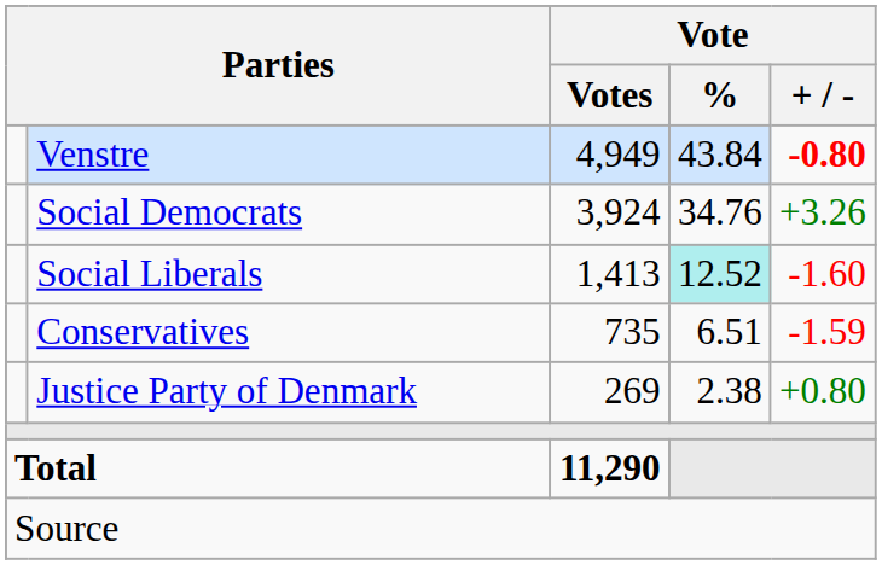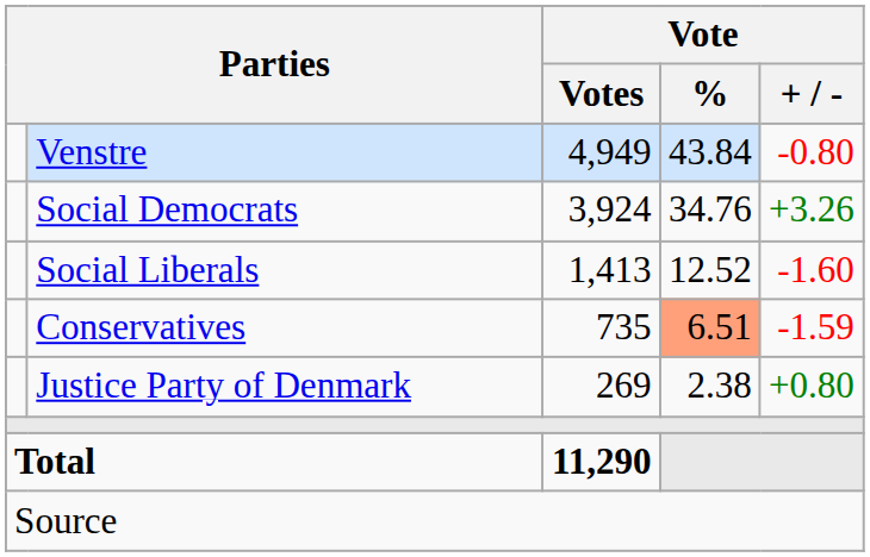 <table class="wikitable" style="text-align:right;">
 <tr>
 <th style="text-align:centre;" rowspan="2" colspan="2" width="225">Parties</th>
 <th colspan="3">Vote</th>
 </tr>
 <tr>
 <th width="15">Votes</th>
 <th width="15">%</th>
 <th width="15">+ / -</th>
 </tr>
 <tr>
 <td width="2" style="color:inherit;background:"></td>
 <td bgcolor=#cfe5fe  align="left"><a href='#'>Venstre</a></td>
 <td bgcolor=#cfe5fe>4,949</td>
 <td bgcolor=#cfe5fe>43.84</td>
-<td style=color:red;><strong>-0.80</strong></td>
+<td style=color:red;>-0.80</td>
 </tr>
 <tr>
 <td width="2" style="color:inherit;background:"></td>
 <td align="left"><a href='#'>Social Democrats</a></td>
 <td>3,924</td>
 <td>34.76</td>
 <td style=color:green;>+3.26</td>
 </tr>
 <tr>
 <td width="2" style="color:inherit;background:"></td>
 <td align="left"><a href='#'>Social Liberals</a></td>
 <td>1,413</td>
-<td style="background: paleturquoise;">12.52</td>
+<td>12.52</td>
 <td style=color:red;>-1.60</td>
 </tr>
 <tr>
 <td width="2" style="color:inherit;background:"></td>
 <td align="left"><a href='#'>Conservatives</a></td>
 <td>735</td>
-<td>6.51</td>
+<td style="background: lightsalmon;">6.51</td>
 <td style=color:red;>-1.59</td>
 </tr>
 <tr>
 <td width="2" style="color:inherit;background:"></td>
 <td align="left"><a href='#'>Justice Party of Denmark</a></td>
 <td>269</td>
 <td>2.38</td>
 <td style=color:green;>+0.80</td>
 </tr>
 <tr>
 <td colspan="7" bgcolor="#E9E9E9"></td>
 </tr>
 <tr>
 <td align="left" colspan="2"><strong>Total</strong></td>
 <td><strong>11,290</strong></td>
 <td bgcolor="#E9E9E9" colspan="2"></td>
 </tr>
 <tr>
 <td align="left" colspan="6">Source</td>
 </tr>
 </table>
